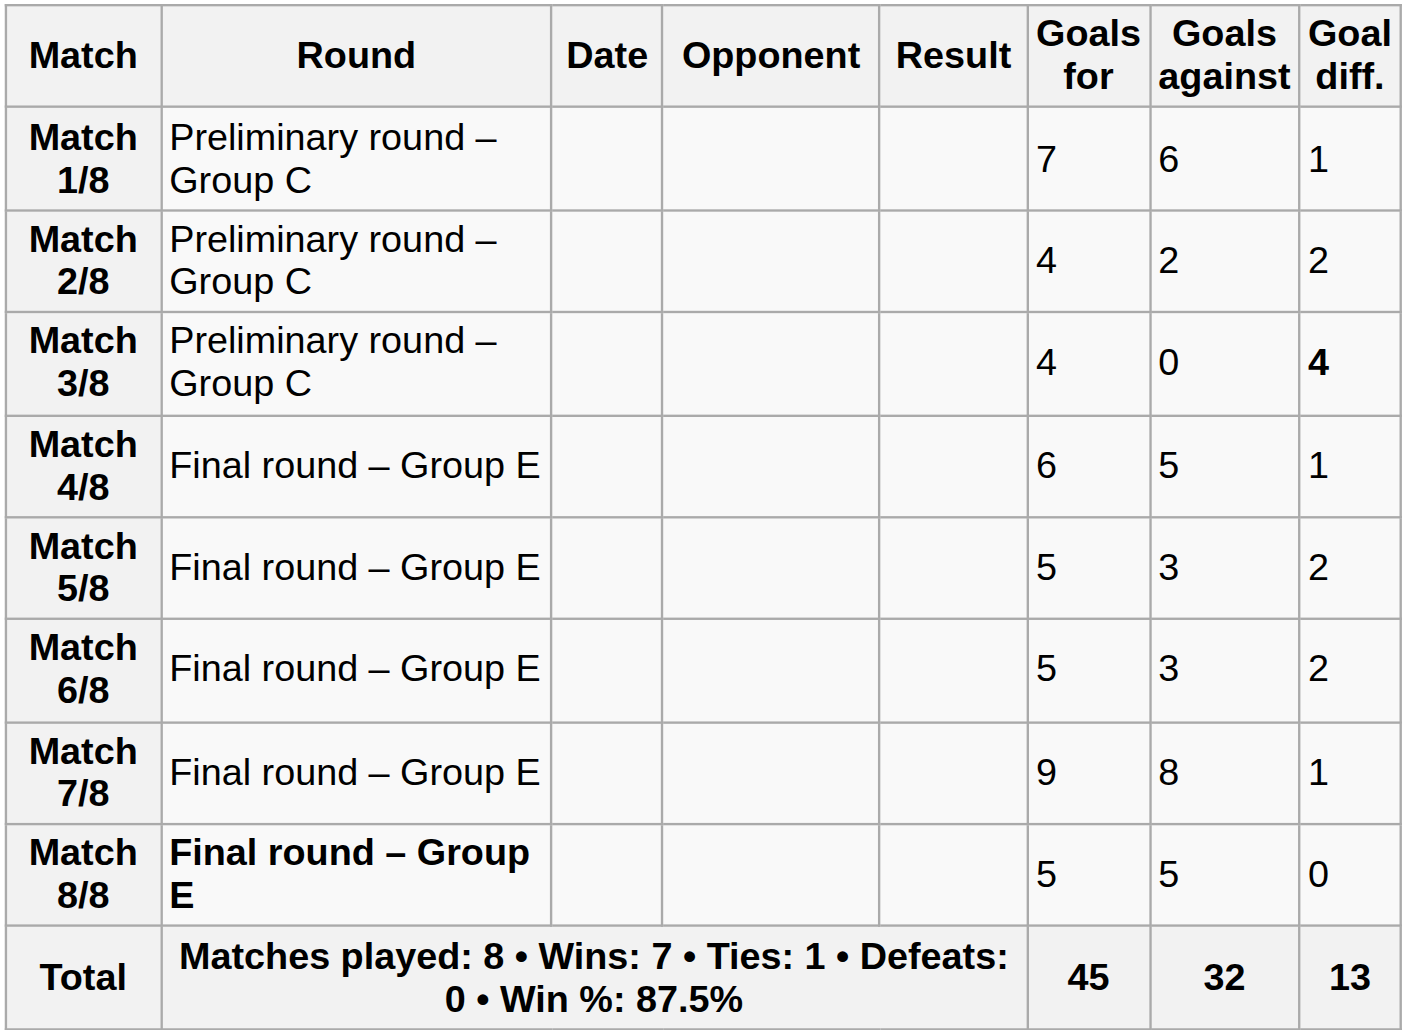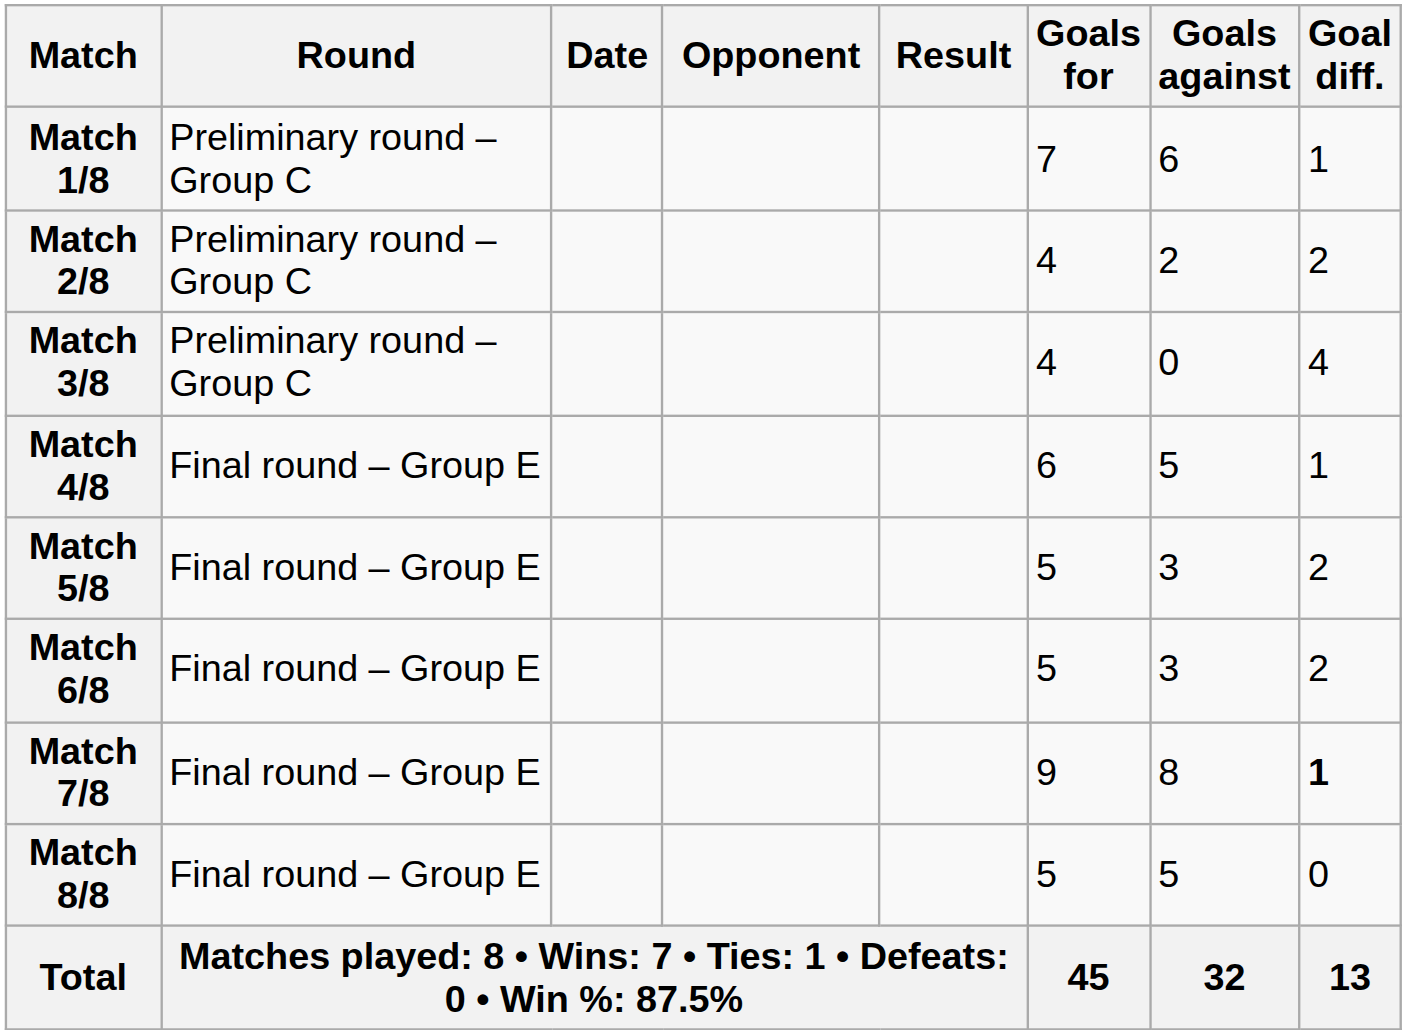 <table class="wikitable sortable sticky-header defaultcenter col3right col4left" style="font-size: 100%; margin-left: 1em;">
 <tr>
 <th scope="col">Match</th>
 <th scope="col">Round</th>
 <th scope="col">Date</th>
 <th scope="col">Opponent</th>
 <th scope="col">Result</th>
 <th scope="col">Goals<br>for</th>
 <th scope="col">Goals<br>against</th>
 <th scope="col">Goal<br>diff.</th>
 </tr>
 <tr>
 <th scope="row">Match 1/8</th>
 <td>Preliminary round – Group C</td>
 <td></td>
 <td></td>
 <td></td>
 <td>7</td>
 <td>6</td>
 <td>1</td>
 </tr>
 <tr>
 <th scope="row">Match 2/8</th>
 <td>Preliminary round – Group C</td>
 <td></td>
 <td></td>
 <td></td>
 <td>4</td>
 <td>2</td>
 <td>2</td>
 </tr>
 <tr>
 <th scope="row">Match 3/8</th>
 <td>Preliminary round – Group C</td>
 <td></td>
 <td></td>
 <td></td>
 <td>4</td>
 <td>0</td>
-<td><strong>4</strong></td>
+<td>4</td>
 </tr>
 <tr>
 <th scope="row">Match 4/8</th>
 <td>Final round – Group E</td>
 <td></td>
 <td></td>
 <td></td>
 <td>6</td>
 <td>5</td>
 <td>1</td>
 </tr>
 <tr>
 <th scope="row">Match 5/8</th>
 <td>Final round – Group E</td>
 <td></td>
 <td></td>
 <td></td>
 <td>5</td>
 <td>3</td>
 <td>2</td>
 </tr>
 <tr>
 <th scope="row">Match 6/8</th>
 <td>Final round – Group E</td>
 <td></td>
 <td></td>
 <td></td>
 <td>5</td>
 <td>3</td>
 <td>2</td>
 </tr>
 <tr>
 <th scope="row">Match 7/8</th>
 <td>Final round – Group E</td>
 <td></td>
 <td></td>
 <td></td>
 <td>9</td>
 <td>8</td>
-<td>1</td>
+<td><strong>1</strong></td>
 </tr>
 <tr>
 <th scope="row">Match 8/8</th>
-<td><strong>Final round – Group E</strong></td>
+<td>Final round – Group E</td>
 <td></td>
 <td></td>
 <td></td>
 <td>5</td>
 <td>5</td>
 <td>0</td>
 </tr>
 <tr class="sortbottom">
 <th>Total</th>
 <th colspan="4">Matches played: 8 • Wins: 7 • Ties: 1 • Defeats: 0 • Win %: 87.5%</th>
 <th>45</th>
 <th>32</th>
 <th>13</th>
 </tr>
 </table>
